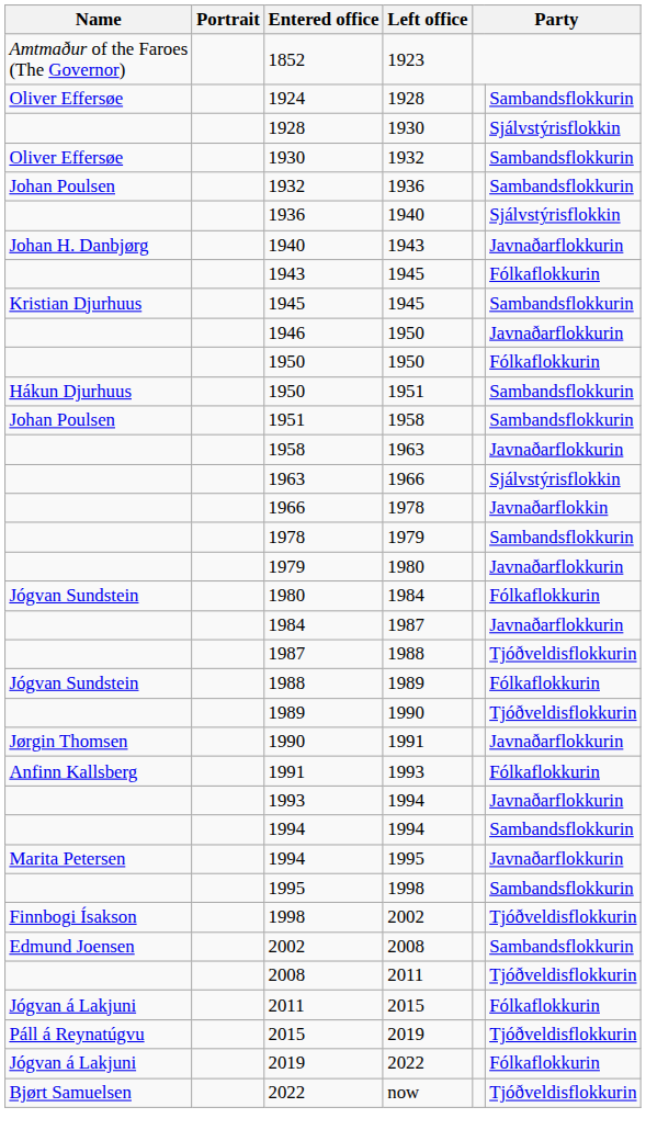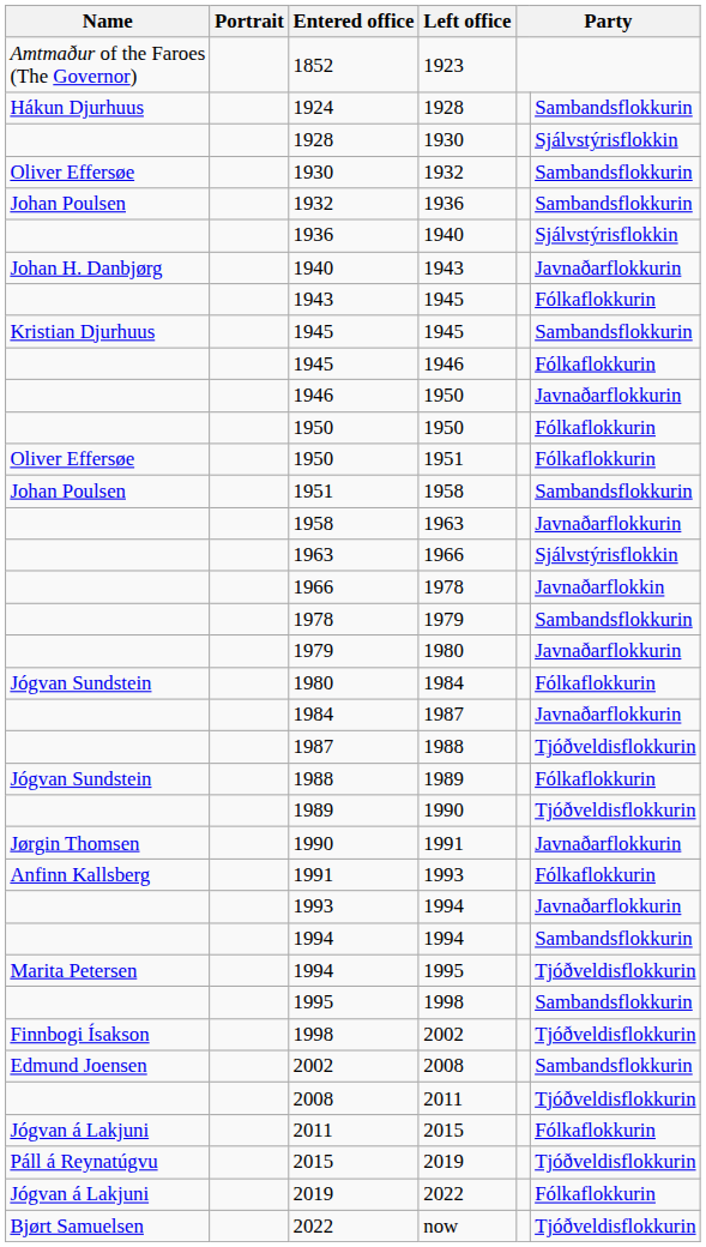 <table class="wikitable">
 <tr>
 <th>Name</th>
 <th>Portrait</th>
 <th>Entered office</th>
 <th>Left office</th>
 <th colspan="2">Party</th>
 </tr>
 <tr>
 <td><em>Amtmaður</em> of the Faroes<br>(The <a href='#'>Governor</a>)</td>
 <td></td>
 <td>1852</td>
 <td>1923</td>
 </tr>
 <tr>
-<td><a href='#'>Oliver Effersøe</a></td>
+<td><a href='#'>Hákun Djurhuus</a></td>
 <td></td>
 <td>1924</td>
 <td>1928</td>
 <td style="background:"> </td>
 <td><a href='#'>Sambandsflokkurin</a></td>
 </tr>
 <tr>
 <td></td>
 <td></td>
 <td>1928</td>
 <td>1930</td>
 <td style="background:"> </td>
 <td><a href='#'>Sjálvstýrisflokkin</a></td>
 </tr>
 <tr>
 <td><a href='#'>Oliver Effersøe</a></td>
 <td></td>
 <td>1930</td>
 <td>1932</td>
 <td style="background:"> </td>
 <td><a href='#'>Sambandsflokkurin</a></td>
 </tr>
 <tr>
 <td><a href='#'>Johan Poulsen</a></td>
 <td></td>
 <td>1932</td>
 <td>1936</td>
 <td style="background:"> </td>
 <td><a href='#'>Sambandsflokkurin</a></td>
 </tr>
 <tr>
 <td></td>
 <td></td>
 <td>1936</td>
 <td>1940</td>
 <td style="background:"> </td>
 <td><a href='#'>Sjálvstýrisflokkin</a></td>
 </tr>
 <tr>
 <td><a href='#'>Johan H. Danbjørg</a></td>
 <td></td>
 <td>1940</td>
 <td>1943</td>
 <td style="background:"> </td>
 <td><a href='#'>Javnaðarflokkurin</a></td>
 </tr>
 <tr>
 <td></td>
 <td></td>
 <td>1943</td>
 <td>1945</td>
 <td style="background:"> </td>
 <td><a href='#'>Fólkaflokkurin</a></td>
 </tr>
 <tr>
 <td><a href='#'>Kristian Djurhuus</a></td>
 <td></td>
 <td>1945</td>
 <td>1945</td>
 <td style="background:"> </td>
 <td><a href='#'>Sambandsflokkurin</a></td>
 </tr>
 <tr>
 <td></td>
 <td></td>
+<td>1945</td>
+<td>1946</td>
+<td style="background:"> </td>
+<td><a href='#'>Fólkaflokkurin</a></td>
+</tr>
+<tr>
+<td></td>
+<td></td>
 <td>1946</td>
 <td>1950</td>
 <td style="background:"> </td>
 <td><a href='#'>Javnaðarflokkurin</a></td>
 </tr>
 <tr>
 <td></td>
 <td></td>
 <td>1950</td>
 <td>1950</td>
 <td style="background:"> </td>
 <td><a href='#'>Fólkaflokkurin</a></td>
 </tr>
 <tr>
-<td><a href='#'>Hákun Djurhuus</a></td>
+<td><a href='#'>Oliver Effersøe</a></td>
 <td></td>
 <td>1950</td>
 <td>1951</td>
 <td style="background:"> </td>
-<td><a href='#'>Sambandsflokkurin</a></td>
+<td><a href='#'>Fólkaflokkurin</a></td>
 </tr>
 <tr>
 <td><a href='#'>Johan Poulsen</a></td>
 <td></td>
 <td>1951</td>
 <td>1958</td>
 <td style="background:"> </td>
 <td><a href='#'>Sambandsflokkurin</a></td>
 </tr>
 <tr>
 <td></td>
 <td></td>
 <td>1958</td>
 <td>1963</td>
 <td style="background:"> </td>
 <td><a href='#'>Javnaðarflokkurin</a></td>
 </tr>
 <tr>
 <td></td>
 <td></td>
 <td>1963</td>
 <td>1966</td>
 <td style="background:"> </td>
 <td><a href='#'>Sjálvstýrisflokkin</a></td>
 </tr>
 <tr>
 <td></td>
 <td></td>
 <td>1966</td>
 <td>1978</td>
 <td style="background:"> </td>
 <td><a href='#'>Javnaðarflokkin</a></td>
 </tr>
 <tr>
 <td></td>
 <td></td>
 <td>1978</td>
 <td>1979</td>
 <td style="background:"> </td>
 <td><a href='#'>Sambandsflokkurin</a></td>
 </tr>
 <tr>
 <td></td>
 <td></td>
 <td>1979</td>
 <td>1980</td>
 <td style="background:"> </td>
 <td><a href='#'>Javnaðarflokkurin</a></td>
 </tr>
 <tr>
 <td><a href='#'>Jógvan Sundstein</a></td>
 <td></td>
 <td>1980</td>
 <td>1984</td>
 <td style="background:"> </td>
 <td><a href='#'>Fólkaflokkurin</a></td>
 </tr>
 <tr>
 <td></td>
 <td></td>
 <td>1984</td>
 <td>1987</td>
 <td style="background:"> </td>
 <td><a href='#'>Javnaðarflokkurin</a></td>
 </tr>
 <tr>
 <td></td>
 <td></td>
 <td>1987</td>
 <td>1988</td>
 <td style="background:"> </td>
 <td><a href='#'>Tjóðveldisflokkurin</a></td>
 </tr>
 <tr>
 <td><a href='#'>Jógvan Sundstein</a></td>
 <td></td>
 <td>1988</td>
 <td>1989</td>
 <td style="background:"> </td>
 <td><a href='#'>Fólkaflokkurin</a></td>
 </tr>
 <tr>
 <td></td>
 <td></td>
 <td>1989</td>
 <td>1990</td>
 <td style="background:"> </td>
 <td><a href='#'>Tjóðveldisflokkurin</a></td>
 </tr>
 <tr>
 <td><a href='#'>Jørgin Thomsen</a></td>
 <td></td>
 <td>1990</td>
 <td>1991</td>
 <td style="background:"> </td>
 <td><a href='#'>Javnaðarflokkurin</a></td>
 </tr>
 <tr>
 <td><a href='#'>Anfinn Kallsberg</a></td>
 <td></td>
 <td>1991</td>
 <td>1993</td>
 <td style="background:"> </td>
 <td><a href='#'>Fólkaflokkurin</a></td>
 </tr>
 <tr>
 <td></td>
 <td></td>
 <td>1993</td>
 <td>1994</td>
 <td style="background:"> </td>
 <td><a href='#'>Javnaðarflokkurin</a></td>
 </tr>
 <tr>
 <td></td>
 <td></td>
 <td>1994</td>
 <td>1994</td>
 <td style="background:"> </td>
 <td><a href='#'>Sambandsflokkurin</a></td>
 </tr>
 <tr>
 <td><a href='#'>Marita Petersen</a></td>
 <td></td>
 <td>1994</td>
 <td>1995</td>
 <td style="background:"> </td>
-<td><a href='#'>Javnaðarflokkurin</a></td>
+<td><a href='#'>Tjóðveldisflokkurin</a></td>
 </tr>
 <tr>
 <td></td>
 <td></td>
 <td>1995</td>
 <td>1998</td>
 <td style="background:"> </td>
 <td><a href='#'>Sambandsflokkurin</a></td>
 </tr>
 <tr>
 <td><a href='#'>Finnbogi Ísakson</a></td>
 <td></td>
 <td>1998</td>
 <td>2002</td>
 <td style="background:"> </td>
 <td><a href='#'>Tjóðveldisflokkurin</a></td>
 </tr>
 <tr>
 <td><a href='#'>Edmund Joensen</a></td>
 <td></td>
 <td>2002</td>
 <td>2008</td>
 <td style="background:"> </td>
 <td><a href='#'>Sambandsflokkurin</a></td>
 </tr>
 <tr>
 <td></td>
 <td></td>
 <td>2008</td>
 <td>2011</td>
 <td style="background:"> </td>
 <td><a href='#'>Tjóðveldisflokkurin</a></td>
 </tr>
 <tr>
 <td><a href='#'>Jógvan á Lakjuni</a></td>
 <td></td>
 <td>2011</td>
 <td>2015</td>
 <td style="background:"> </td>
 <td><a href='#'>Fólkaflokkurin</a></td>
 </tr>
 <tr>
 <td><a href='#'>Páll á Reynatúgvu</a></td>
 <td></td>
 <td>2015</td>
 <td>2019</td>
 <td style="background:"> </td>
 <td><a href='#'>Tjóðveldisflokkurin</a></td>
 </tr>
 <tr>
 <td><a href='#'>Jógvan á Lakjuni</a></td>
 <td></td>
 <td>2019</td>
 <td>2022</td>
 <td style="background:"> </td>
 <td><a href='#'>Fólkaflokkurin</a></td>
 </tr>
 <tr>
 <td><a href='#'>Bjørt Samuelsen</a></td>
 <td></td>
 <td>2022</td>
 <td>now</td>
 <td style="background:"> </td>
 <td><a href='#'>Tjóðveldisflokkurin</a></td>
 </tr>
 </table>
